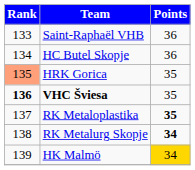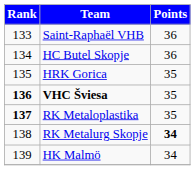 <table class="wikitable" style="text-align: center">
 <tr>
 <th style="color:white; background:blue">Rank</th>
 <th style="color:white; background:blue">Team</th>
 <th style="color:white; background:blue">Points</th>
 </tr>
 <tr>
 <td>133</td>
 <td align=left> <a href='#'>Saint-Raphaël VHB</a></td>
 <td>36</td>
 </tr>
 <tr>
 <td>134</td>
 <td align=left> <a href='#'>HC Butel Skopje</a></td>
 <td>36</td>
 </tr>
 <tr>
-<td style="background: lightsalmon;">135</td>
+<td>135</td>
 <td align=left> <a href='#'>HRK Gorica</a></td>
 <td>35</td>
 </tr>
 <tr>
 <td><strong>136</strong></td>
 <td align=left> <strong>VHC Šviesa</strong></td>
 <td>35</td>
 </tr>
 <tr>
-<td>137</td>
+<td><strong>137</strong></td>
 <td align=left> <a href='#'>RK Metaloplastika</a></td>
-<td><strong>35</strong></td>
+<td>35</td>
 </tr>
 <tr>
 <td>138</td>
 <td align=left> <a href='#'>RK Metalurg Skopje</a></td>
 <td><strong>34</strong></td>
 </tr>
 <tr>
 <td>139</td>
 <td align=left> <a href='#'>HK Malmö</a></td>
-<td style="background: gold;">34</td>
+<td>34</td>
 </tr>
 <tr>
 </tr>
 </table>
